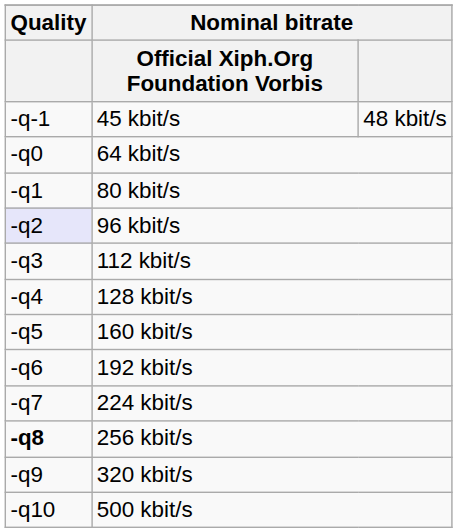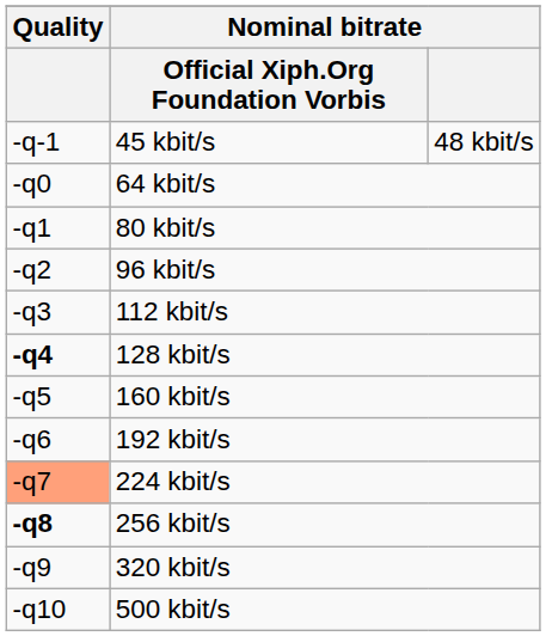 <table class="wikitable" style="float: right; margin: 1em 0 1em 1em; width: 20em; clear: right;">
 <tr>
 </tr>
 <tr>
 <th>Quality</th>
 <th colspan="2">Nominal bitrate</th>
 </tr>
 <tr>
 <th></th>
 <th>Official Xiph.Org Foundation Vorbis</th>
 <th></th>
 </tr>
 <tr>
 <td>-q-1</td>
 <td>45 kbit/s</td>
 <td>48 kbit/s</td>
 </tr>
 <tr>
 <td>-q0</td>
 <td colspan="2">64 kbit/s</td>
 </tr>
 <tr>
 <td>-q1</td>
 <td colspan="2">80 kbit/s</td>
 </tr>
 <tr>
-<td style="background: lavender;">-q2</td>
+<td>-q2</td>
 <td colspan="2">96 kbit/s</td>
 </tr>
 <tr>
 <td>-q3</td>
 <td colspan="2">112 kbit/s</td>
 </tr>
 <tr>
-<td>-q4</td>
+<td><strong>-q4</strong></td>
 <td colspan="2">128 kbit/s</td>
 </tr>
 <tr>
 <td>-q5</td>
 <td colspan="2">160 kbit/s</td>
 </tr>
 <tr>
 <td>-q6</td>
 <td colspan="2">192 kbit/s</td>
 </tr>
 <tr>
-<td>-q7</td>
+<td style="background: lightsalmon;">-q7</td>
 <td colspan="2">224 kbit/s</td>
 </tr>
 <tr>
 <td><strong>-q8</strong></td>
 <td colspan="2">256 kbit/s</td>
 </tr>
 <tr>
 <td>-q9</td>
 <td colspan="2">320 kbit/s</td>
 </tr>
 <tr>
 <td>-q10</td>
 <td colspan="2">500 kbit/s</td>
 </tr>
 </table>
